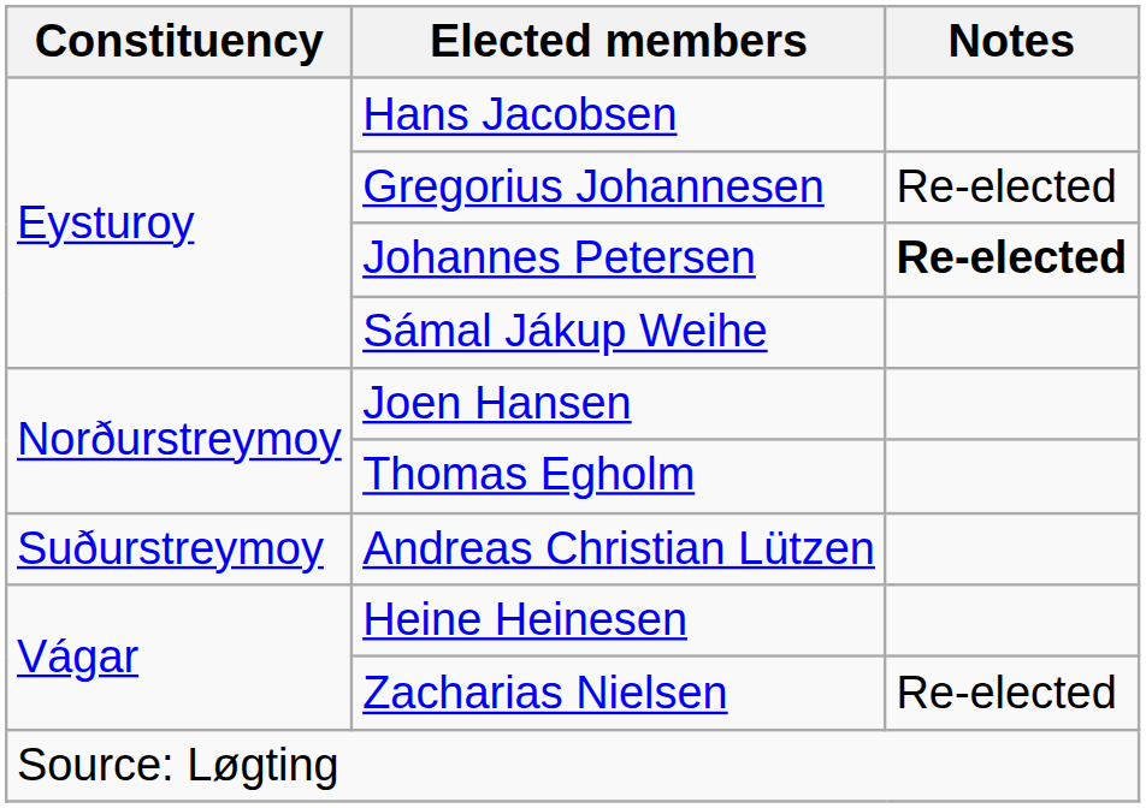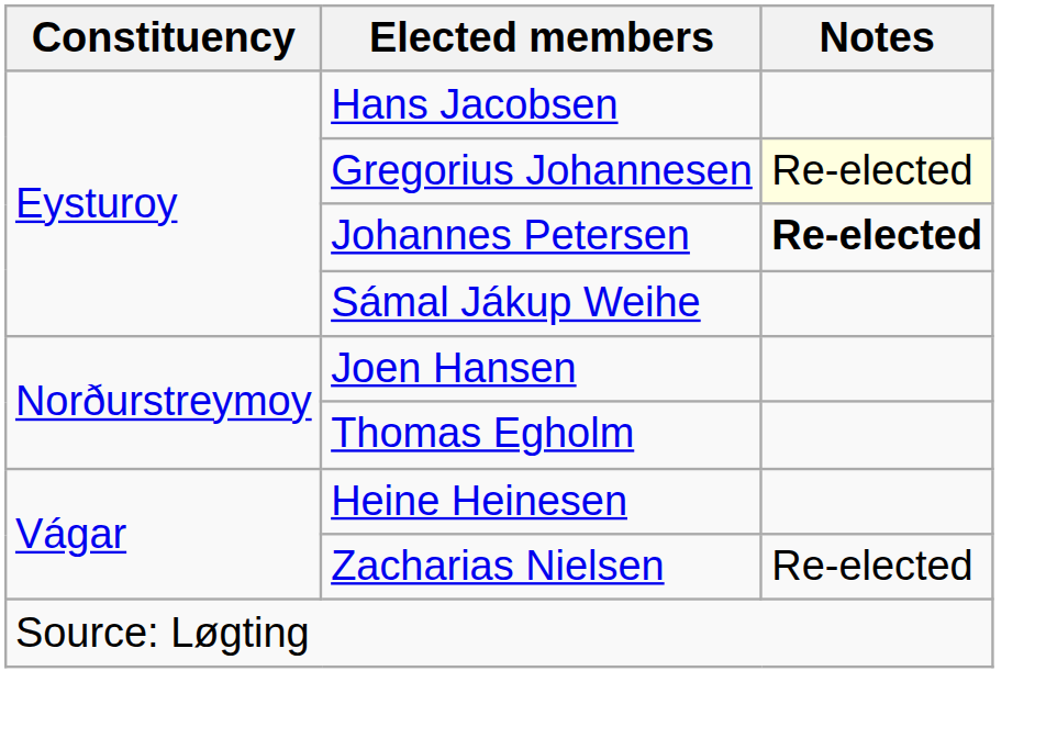 <table class=wikitable>
 <tr>
 <th>Constituency</th>
 <th>Elected members</th>
 <th>Notes</th>
 </tr>
 <tr>
 <td rowspan=4><a href='#'>Eysturoy</a></td>
 <td><a href='#'>Hans Jacobsen</a></td>
 <td></td>
 </tr>
 <tr>
 <td><a href='#'>Gregorius Johannesen</a></td>
-<td>Re-elected</td>
+<td style="background: lightyellow;">Re-elected</td>
 </tr>
 <tr>
 <td><a href='#'>Johannes Petersen</a></td>
 <td><strong>Re-elected</strong></td>
 </tr>
 <tr>
 <td><a href='#'>Sámal Jákup Weihe</a></td>
 <td></td>
 </tr>
 <tr>
 <td rowspan=2><a href='#'>Norðurstreymoy</a></td>
 <td><a href='#'>Joen Hansen</a></td>
 <td></td>
 </tr>
 <tr>
 <td><a href='#'>Thomas Egholm</a></td>
 <td></td>
 </tr>
 <tr>
-<td><a href='#'>Suðurstreymoy</a></td>
-<td><a href='#'>Andreas Christian Lützen</a></td>
-<td></td>
-</tr>
-<tr>
 <td rowspan=2><a href='#'>Vágar</a></td>
 <td><a href='#'>Heine Heinesen</a></td>
 <td></td>
 </tr>
 <tr>
 <td><a href='#'>Zacharias Nielsen</a></td>
 <td>Re-elected</td>
 </tr>
 <tr>
 <td colspan=3>Source: Løgting</td>
 </tr>
 </table>
